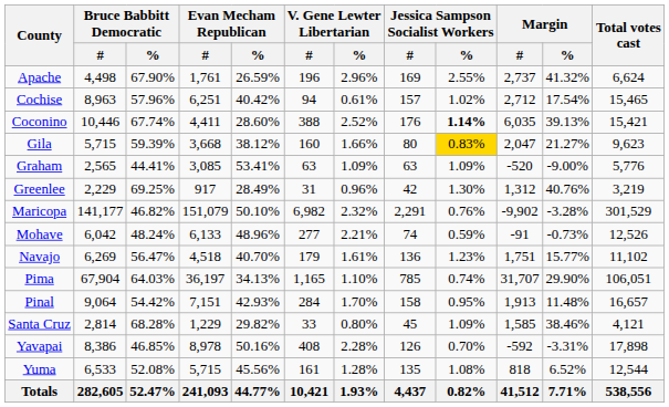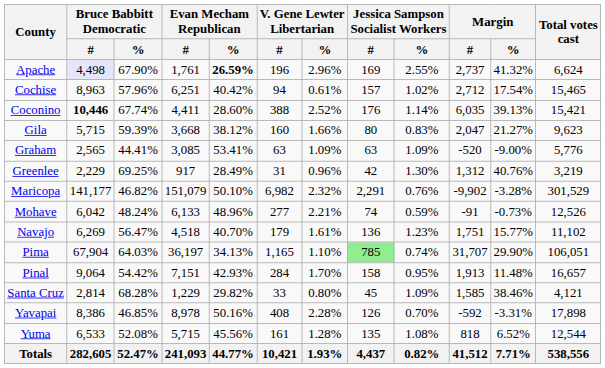 <table class="wikitable sortable">
 <tr>
 <th rowspan="2">County</th>
 <th style="text-align:center;" colspan="2">Bruce Babbitt<br>Democratic</th>
 <th style="text-align:center;" colspan="2">Evan Mecham<br>Republican</th>
 <th style="text-align:center;" colspan="2">V. Gene Lewter<br>Libertarian</th>
 <th style="text-align:center;" colspan="2">Jessica Sampson<br>Socialist Workers</th>
 <th style="text-align:center;" colspan="2">Margin</th>
 <th style="text-align:center;" rowspan="2">Total votes<br>cast</th>
 </tr>
 <tr>
 <th style="text-align:center;" data-sort-type="number">#</th>
 <th style="text-align:center;" data-sort-type="number">%</th>
 <th style="text-align:center;" data-sort-type="number">#</th>
 <th style="text-align:center;" data-sort-type="number">%</th>
 <th style="text-align:center;" data-sort-type="number">#</th>
 <th style="text-align:center;" data-sort-type="number">%</th>
 <th style="text-align:center;" data-sort-type="number">#</th>
 <th style="text-align:center;" data-sort-type="number">%</th>
 <th style="text-align:center;" data-sort-type="number">#</th>
 <th style="text-align:center;" data-sort-type="number">%</th>
 </tr>
 <tr style="text-align:center;">
 <td><a href='#'>Apache</a></td>
-<td>4,498</td>
+<td style="background: lavender;">4,498</td>
 <td>67.90%</td>
 <td>1,761</td>
-<td>26.59%</td>
+<td><strong>26.59%</strong></td>
 <td>196</td>
 <td>2.96%</td>
 <td>169</td>
 <td>2.55%</td>
 <td>2,737</td>
 <td>41.32%</td>
 <td>6,624</td>
 </tr>
 <tr style="text-align:center;">
 <td><a href='#'>Cochise</a></td>
 <td>8,963</td>
 <td>57.96%</td>
 <td>6,251</td>
 <td>40.42%</td>
 <td>94</td>
 <td>0.61%</td>
 <td>157</td>
 <td>1.02%</td>
 <td>2,712</td>
 <td>17.54%</td>
 <td>15,465</td>
 </tr>
 <tr style="text-align:center;">
 <td><a href='#'>Coconino</a></td>
-<td>10,446</td>
+<td><strong>10,446</strong></td>
 <td>67.74%</td>
 <td>4,411</td>
 <td>28.60%</td>
 <td>388</td>
 <td>2.52%</td>
 <td>176</td>
-<td><strong>1.14%</strong></td>
+<td>1.14%</td>
 <td>6,035</td>
 <td>39.13%</td>
 <td>15,421</td>
 </tr>
 <tr style="text-align:center;">
 <td><a href='#'>Gila</a></td>
 <td>5,715</td>
 <td>59.39%</td>
 <td>3,668</td>
 <td>38.12%</td>
 <td>160</td>
 <td>1.66%</td>
 <td>80</td>
-<td style="background: gold;">0.83%</td>
+<td>0.83%</td>
 <td>2,047</td>
 <td>21.27%</td>
 <td>9,623</td>
 </tr>
 <tr style="text-align:center;">
 <td><a href='#'>Graham</a></td>
 <td>2,565</td>
 <td>44.41%</td>
 <td>3,085</td>
 <td>53.41%</td>
 <td>63</td>
 <td>1.09%</td>
 <td>63</td>
 <td>1.09%</td>
 <td>-520</td>
 <td>-9.00%</td>
 <td>5,776</td>
 </tr>
 <tr style="text-align:center;">
 <td><a href='#'>Greenlee</a></td>
 <td>2,229</td>
 <td>69.25%</td>
 <td>917</td>
 <td>28.49%</td>
 <td>31</td>
 <td>0.96%</td>
 <td>42</td>
 <td>1.30%</td>
 <td>1,312</td>
 <td>40.76%</td>
 <td>3,219</td>
 </tr>
 <tr style="text-align:center;">
 <td><a href='#'>Maricopa</a></td>
 <td>141,177</td>
 <td>46.82%</td>
 <td>151,079</td>
 <td>50.10%</td>
 <td>6,982</td>
 <td>2.32%</td>
 <td>2,291</td>
 <td>0.76%</td>
 <td>-9,902</td>
 <td>-3.28%</td>
 <td>301,529</td>
 </tr>
 <tr style="text-align:center;">
 <td><a href='#'>Mohave</a></td>
 <td>6,042</td>
 <td>48.24%</td>
 <td>6,133</td>
 <td>48.96%</td>
 <td>277</td>
 <td>2.21%</td>
 <td>74</td>
 <td>0.59%</td>
 <td>-91</td>
 <td>-0.73%</td>
 <td>12,526</td>
 </tr>
 <tr style="text-align:center;">
 <td><a href='#'>Navajo</a></td>
 <td>6,269</td>
 <td>56.47%</td>
 <td>4,518</td>
 <td>40.70%</td>
 <td>179</td>
 <td>1.61%</td>
 <td>136</td>
 <td>1.23%</td>
 <td>1,751</td>
 <td>15.77%</td>
 <td>11,102</td>
 </tr>
 <tr style="text-align:center;">
 <td><a href='#'>Pima</a></td>
 <td>67,904</td>
 <td>64.03%</td>
 <td>36,197</td>
 <td>34.13%</td>
 <td>1,165</td>
 <td>1.10%</td>
-<td>785</td>
+<td style="background: lightgreen;">785</td>
 <td>0.74%</td>
 <td>31,707</td>
 <td>29.90%</td>
 <td>106,051</td>
 </tr>
 <tr style="text-align:center;">
 <td><a href='#'>Pinal</a></td>
 <td>9,064</td>
 <td>54.42%</td>
 <td>7,151</td>
 <td>42.93%</td>
 <td>284</td>
 <td>1.70%</td>
 <td>158</td>
 <td>0.95%</td>
 <td>1,913</td>
 <td>11.48%</td>
 <td>16,657</td>
 </tr>
 <tr style="text-align:center;">
 <td><a href='#'>Santa Cruz</a></td>
 <td>2,814</td>
 <td>68.28%</td>
 <td>1,229</td>
 <td>29.82%</td>
 <td>33</td>
 <td>0.80%</td>
 <td>45</td>
 <td>1.09%</td>
 <td>1,585</td>
 <td>38.46%</td>
 <td>4,121</td>
 </tr>
 <tr style="text-align:center;">
 <td><a href='#'>Yavapai</a></td>
 <td>8,386</td>
 <td>46.85%</td>
 <td>8,978</td>
 <td>50.16%</td>
 <td>408</td>
 <td>2.28%</td>
 <td>126</td>
 <td>0.70%</td>
 <td>-592</td>
 <td>-3.31%</td>
 <td>17,898</td>
 </tr>
 <tr style="text-align:center;">
 <td><a href='#'>Yuma</a></td>
 <td>6,533</td>
 <td>52.08%</td>
 <td>5,715</td>
 <td>45.56%</td>
 <td>161</td>
 <td>1.28%</td>
 <td>135</td>
 <td>1.08%</td>
 <td>818</td>
 <td>6.52%</td>
 <td>12,544</td>
 </tr>
 <tr style="text-align:center;">
 <th>Totals</th>
 <th>282,605</th>
 <th>52.47%</th>
 <th>241,093</th>
 <th>44.77%</th>
 <th>10,421</th>
 <th>1.93%</th>
 <th>4,437</th>
 <th>0.82%</th>
 <th>41,512</th>
 <th>7.71%</th>
 <th>538,556</th>
 </tr>
 </table>
